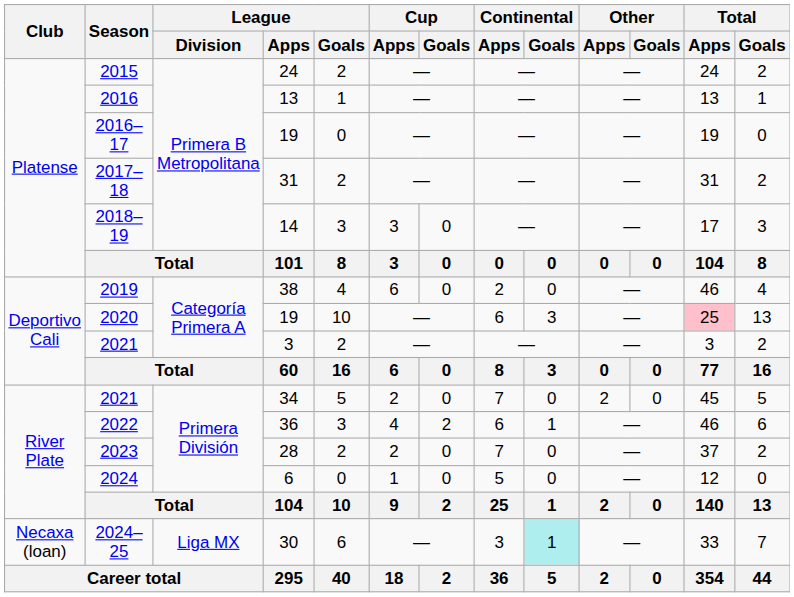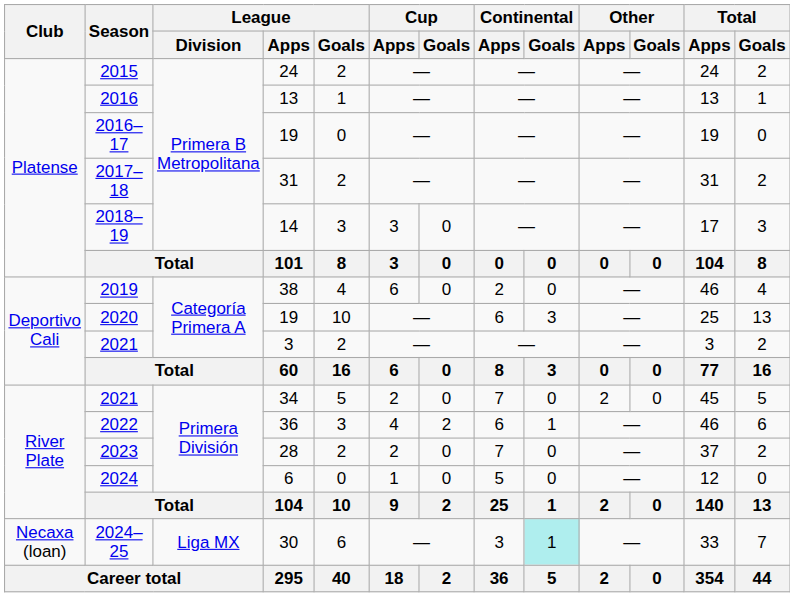 <table class="wikitable", style="text-align:center">
 <tr>
 <th rowspan="2">Club</th>
 <th rowspan="2">Season</th>
 <th colspan="3">League</th>
 <th colspan="2">Cup</th>
 <th colspan="2">Continental</th>
 <th colspan="2">Other</th>
 <th colspan="2">Total</th>
 </tr>
 <tr>
 <th>Division</th>
 <th>Apps</th>
 <th>Goals</th>
 <th>Apps</th>
 <th>Goals</th>
 <th>Apps</th>
 <th>Goals</th>
 <th>Apps</th>
 <th>Goals</th>
 <th>Apps</th>
 <th>Goals</th>
 </tr>
 <tr>
 <td rowspan="6"><a href='#'>Platense</a></td>
 <td><a href='#'>2015</a></td>
 <td rowspan="5"><a href='#'>Primera B Metropolitana</a></td>
 <td>24</td>
 <td>2</td>
 <td colspan="2">—</td>
 <td colspan="2">—</td>
 <td colspan="2">—</td>
 <td>24</td>
 <td>2</td>
 </tr>
 <tr>
 <td><a href='#'>2016</a></td>
 <td>13</td>
 <td>1</td>
 <td colspan="2">—</td>
 <td colspan="2">—</td>
 <td colspan="2">—</td>
 <td>13</td>
 <td>1</td>
 </tr>
 <tr>
 <td><a href='#'>2016–17</a></td>
 <td>19</td>
 <td>0</td>
 <td colspan="2">—</td>
 <td colspan="2">—</td>
 <td colspan="2">—</td>
 <td>19</td>
 <td>0</td>
 </tr>
 <tr>
 <td><a href='#'>2017–18</a></td>
 <td>31</td>
 <td>2</td>
 <td colspan="2">—</td>
 <td colspan="2">—</td>
 <td colspan="2">—</td>
 <td>31</td>
 <td>2</td>
 </tr>
 <tr>
 <td><a href='#'>2018–19</a></td>
 <td>14</td>
 <td>3</td>
 <td>3</td>
 <td>0</td>
 <td colspan="2">—</td>
 <td colspan="2">—</td>
 <td>17</td>
 <td>3</td>
 </tr>
 <tr>
 <th colspan="2">Total</th>
 <th>101</th>
 <th>8</th>
 <th>3</th>
 <th>0</th>
 <th>0</th>
 <th>0</th>
 <th>0</th>
 <th>0</th>
 <th>104</th>
 <th>8</th>
 </tr>
 <tr>
 <td rowspan="4"><a href='#'>Deportivo Cali</a></td>
 <td><a href='#'>2019</a></td>
 <td rowspan="3"><a href='#'>Categoría Primera A</a></td>
 <td>38</td>
 <td>4</td>
 <td>6</td>
 <td>0</td>
 <td>2</td>
 <td>0</td>
 <td colspan="2">—</td>
 <td>46</td>
 <td>4</td>
 </tr>
 <tr>
 <td><a href='#'>2020</a></td>
 <td>19</td>
 <td>10</td>
 <td colspan="2">—</td>
 <td>6</td>
 <td>3</td>
 <td colspan="2">—</td>
-<td style="background: pink;">25</td>
+<td>25</td>
 <td>13</td>
 </tr>
 <tr>
 <td><a href='#'>2021</a></td>
 <td>3</td>
 <td>2</td>
 <td colspan="2">—</td>
 <td colspan="2">—</td>
 <td colspan="2">—</td>
 <td>3</td>
 <td>2</td>
 </tr>
 <tr>
 <th colspan="2">Total</th>
 <th>60</th>
 <th>16</th>
 <th>6</th>
 <th>0</th>
 <th>8</th>
 <th>3</th>
 <th>0</th>
 <th>0</th>
 <th>77</th>
 <th>16</th>
 </tr>
 <tr>
 <td rowspan="5"><a href='#'>River Plate</a></td>
 <td><a href='#'>2021</a></td>
 <td rowspan="4"><a href='#'>Primera División</a></td>
 <td>34</td>
 <td>5</td>
 <td>2</td>
 <td>0</td>
 <td>7</td>
 <td>0</td>
 <td>2</td>
 <td>0</td>
 <td>45</td>
 <td>5</td>
 </tr>
 <tr>
 <td><a href='#'>2022</a></td>
 <td>36</td>
 <td>3</td>
 <td>4</td>
 <td>2</td>
 <td>6</td>
 <td>1</td>
 <td colspan="2">—</td>
 <td>46</td>
 <td>6</td>
 </tr>
 <tr>
 <td><a href='#'>2023</a></td>
 <td>28</td>
 <td>2</td>
 <td>2</td>
 <td>0</td>
 <td>7</td>
 <td>0</td>
 <td colspan="2">—</td>
 <td>37</td>
 <td>2</td>
 </tr>
 <tr>
 <td><a href='#'>2024</a></td>
 <td>6</td>
 <td>0</td>
 <td>1</td>
 <td>0</td>
 <td>5</td>
 <td>0</td>
 <td colspan="2">—</td>
 <td>12</td>
 <td>0</td>
 </tr>
 <tr>
 <th colspan="2">Total</th>
 <th>104</th>
 <th>10</th>
 <th>9</th>
 <th>2</th>
 <th>25</th>
 <th>1</th>
 <th>2</th>
 <th>0</th>
 <th>140</th>
 <th>13</th>
 </tr>
 <tr>
 <td><a href='#'>Necaxa</a> (loan)</td>
 <td><a href='#'>2024–25</a></td>
 <td><a href='#'>Liga MX</a></td>
 <td>30</td>
 <td>6</td>
 <td colspan="2">—</td>
 <td>3</td>
 <td style="background: paleturquoise;">1</td>
 <td colspan="2">—</td>
 <td>33</td>
 <td>7</td>
 </tr>
 <tr>
 <th colspan="3">Career total</th>
 <th>295</th>
 <th>40</th>
 <th>18</th>
 <th>2</th>
 <th>36</th>
 <th>5</th>
 <th>2</th>
 <th>0</th>
 <th>354</th>
 <th>44</th>
 </tr>
 </table>
